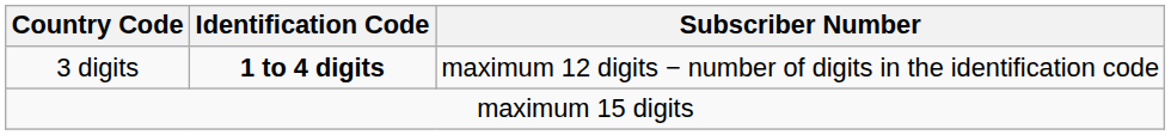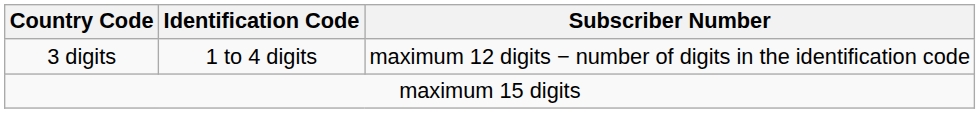 <table class="wikitable">
 <tr>
 <th>Country Code</th>
 <th>Identification Code</th>
 <th>Subscriber Number</th>
 </tr>
 <tr style="text-align:center;">
 <td>3 digits</td>
-<td><strong>1 to 4 digits</strong></td>
+<td>1 to 4 digits</td>
 <td>maximum 12 digits − number of digits in the identification code</td>
 </tr>
 <tr>
 <td colspan="3" style="text-align:center;">maximum 15 digits</td>
 </tr>
 </table>
